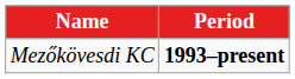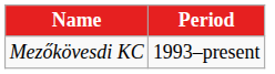 <table class="wikitable" style="text-align: left">
 <tr>
 <th style="color:white; background:#E62020">Name</th>
 <th style="color:white; background:#E62020">Period</th>
 </tr>
 <tr>
 <td align=left><em>Mezőkövesdi KC</em></td>
-<td><strong>1993–present</strong></td>
+<td>1993–present</td>
 </tr>
 </table>
